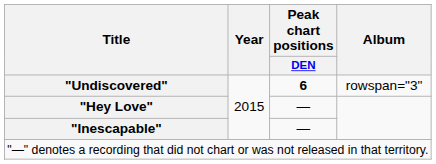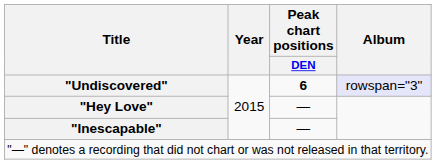 <table class="wikitable plainrowheaders" style="text-align:center;" border="1">
 <tr>
 <th rowspan="2" scope="col" style="width:16em;">Title</th>
 <th rowspan="2" scope="col">Year</th>
 <th scope="col">Peak chart positions</th>
 <th rowspan="2" scope="col">Album</th>
 </tr>
 <tr>
 <th scope="col" style="width:3em;font-size:85%;"><a href='#'>DEN</a><br></th>
 </tr>
 <tr>
 <th scope="row">"Undiscovered"</th>
 <td rowspan="3">2015</td>
 <td><strong>6</strong></td>
-<td>rowspan="3" </td>
+<td style="background: lavender;">rowspan="3" </td>
 </tr>
 <tr>
 <th scope="row">"Hey Love"</th>
 <td>—</td>
 </tr>
 <tr>
 <th scope="row">"Inescapable"</th>
 <td>—</td>
 </tr>
 <tr>
 <td colspan="4" style="font-size:90%">"—" denotes a recording that did not chart or was not released in that territory.</td>
 </tr>
 </table>
